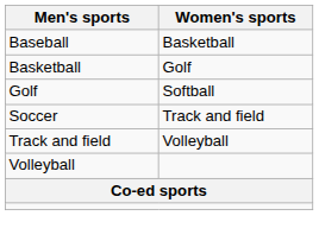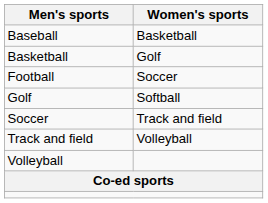 <table class="wikitable"; style= "text-align: ">
 <tr>
 <th width=150px>Men's sports</th>
 <th width=150px>Women's sports</th>
 </tr>
 <tr>
 <td>Baseball</td>
 <td>Basketball</td>
 </tr>
 <tr>
 <td>Basketball</td>
 <td>Golf</td>
+</tr>
+<tr>
+<td>Football</td>
+<td>Soccer</td>
 </tr>
 <tr>
 <td>Golf</td>
 <td>Softball</td>
 </tr>
 <tr>
 <td>Soccer</td>
 <td>Track and field</td>
 </tr>
 <tr>
 <td>Track and field</td>
 <td>Volleyball</td>
 </tr>
 <tr>
 <td>Volleyball</td>
 <td></td>
 </tr>
 <tr>
 <th colspan=2>Co-ed sports</th>
 </tr>
 <tr>
 <td colspan=2></td>
 </tr>
 </table>
